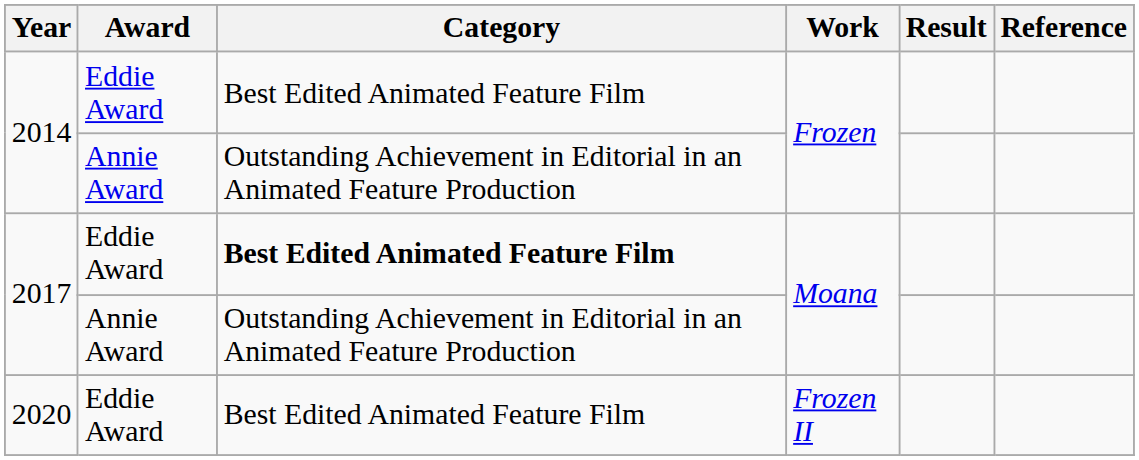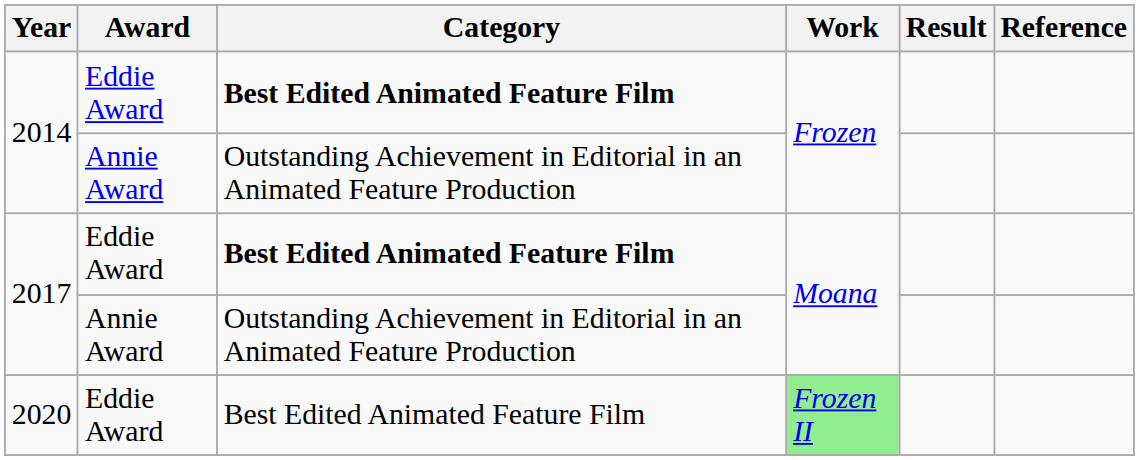 <table class="wikitable sortable">
 <tr>
 <th>Year</th>
 <th>Award</th>
 <th>Category</th>
 <th>Work</th>
 <th>Result</th>
 <th>Reference</th>
 </tr>
 <tr>
 <td rowspan="2">2014</td>
 <td><a href='#'>Eddie Award</a></td>
-<td>Best Edited Animated Feature Film</td>
+<td><strong>Best Edited Animated Feature Film</strong></td>
 <td rowspan="2"><em><a href='#'>Frozen</a></em></td>
 <td></td>
 <td></td>
 </tr>
 <tr>
 <td><a href='#'>Annie Award</a></td>
 <td>Outstanding Achievement in Editorial in an Animated Feature Production</td>
 <td></td>
 <td></td>
 </tr>
 <tr>
 <td rowspan="2">2017</td>
 <td>Eddie Award</td>
 <td><strong>Best Edited Animated Feature Film</strong></td>
 <td rowspan="2"><em><a href='#'>Moana</a></em></td>
 <td></td>
 <td></td>
 </tr>
 <tr>
 <td>Annie Award</td>
 <td>Outstanding Achievement in Editorial in an Animated Feature Production</td>
 <td></td>
 <td></td>
 </tr>
 <tr>
 <td>2020</td>
 <td>Eddie Award</td>
 <td>Best Edited Animated Feature Film</td>
-<td><em><a href='#'>Frozen II</a></em></td>
+<td style="background: lightgreen;"><em><a href='#'>Frozen II</a></em></td>
 <td></td>
 <td></td>
 </tr>
 </table>
